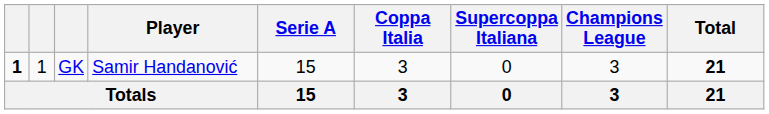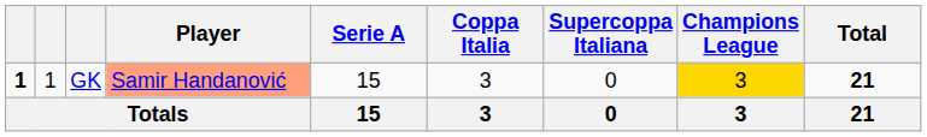 <table class="wikitable" style="text-align:center">
 <tr>
 <th width=15></th>
 <th width=15></th>
 <th width=15></th>
 <th width=145>Player</th>
 <th width=80><strong><a href='#'>Serie A</a></strong></th>
 <th width=80><strong><a href='#'>Coppa Italia</a></strong></th>
 <th width=80><strong><a href='#'>Supercoppa Italiana</a></strong></th>
 <th width=80><strong><a href='#'>Champions League</a></strong></th>
 <th width=80>Total</th>
 </tr>
 <tr>
 <td><strong>1</strong></td>
 <td>1</td>
 <td><a href='#'>GK</a></td>
-<td align=left> <a href='#'>Samir Handanović</a></td>
+<td align=left style="background: lightsalmon;"> <a href='#'>Samir Handanović</a></td>
 <td>15</td>
 <td>3</td>
 <td>0</td>
-<td>3</td>
+<td style="background: gold;">3</td>
 <td><strong>21</strong></td>
 </tr>
 <tr>
 <th colspan=4><strong>Totals</strong></th>
 <th><strong>15</strong></th>
 <th><strong>3</strong></th>
 <th><strong>0</strong></th>
 <th><strong>3</strong></th>
 <th><strong>21</strong></th>
 </tr>
 </table>
